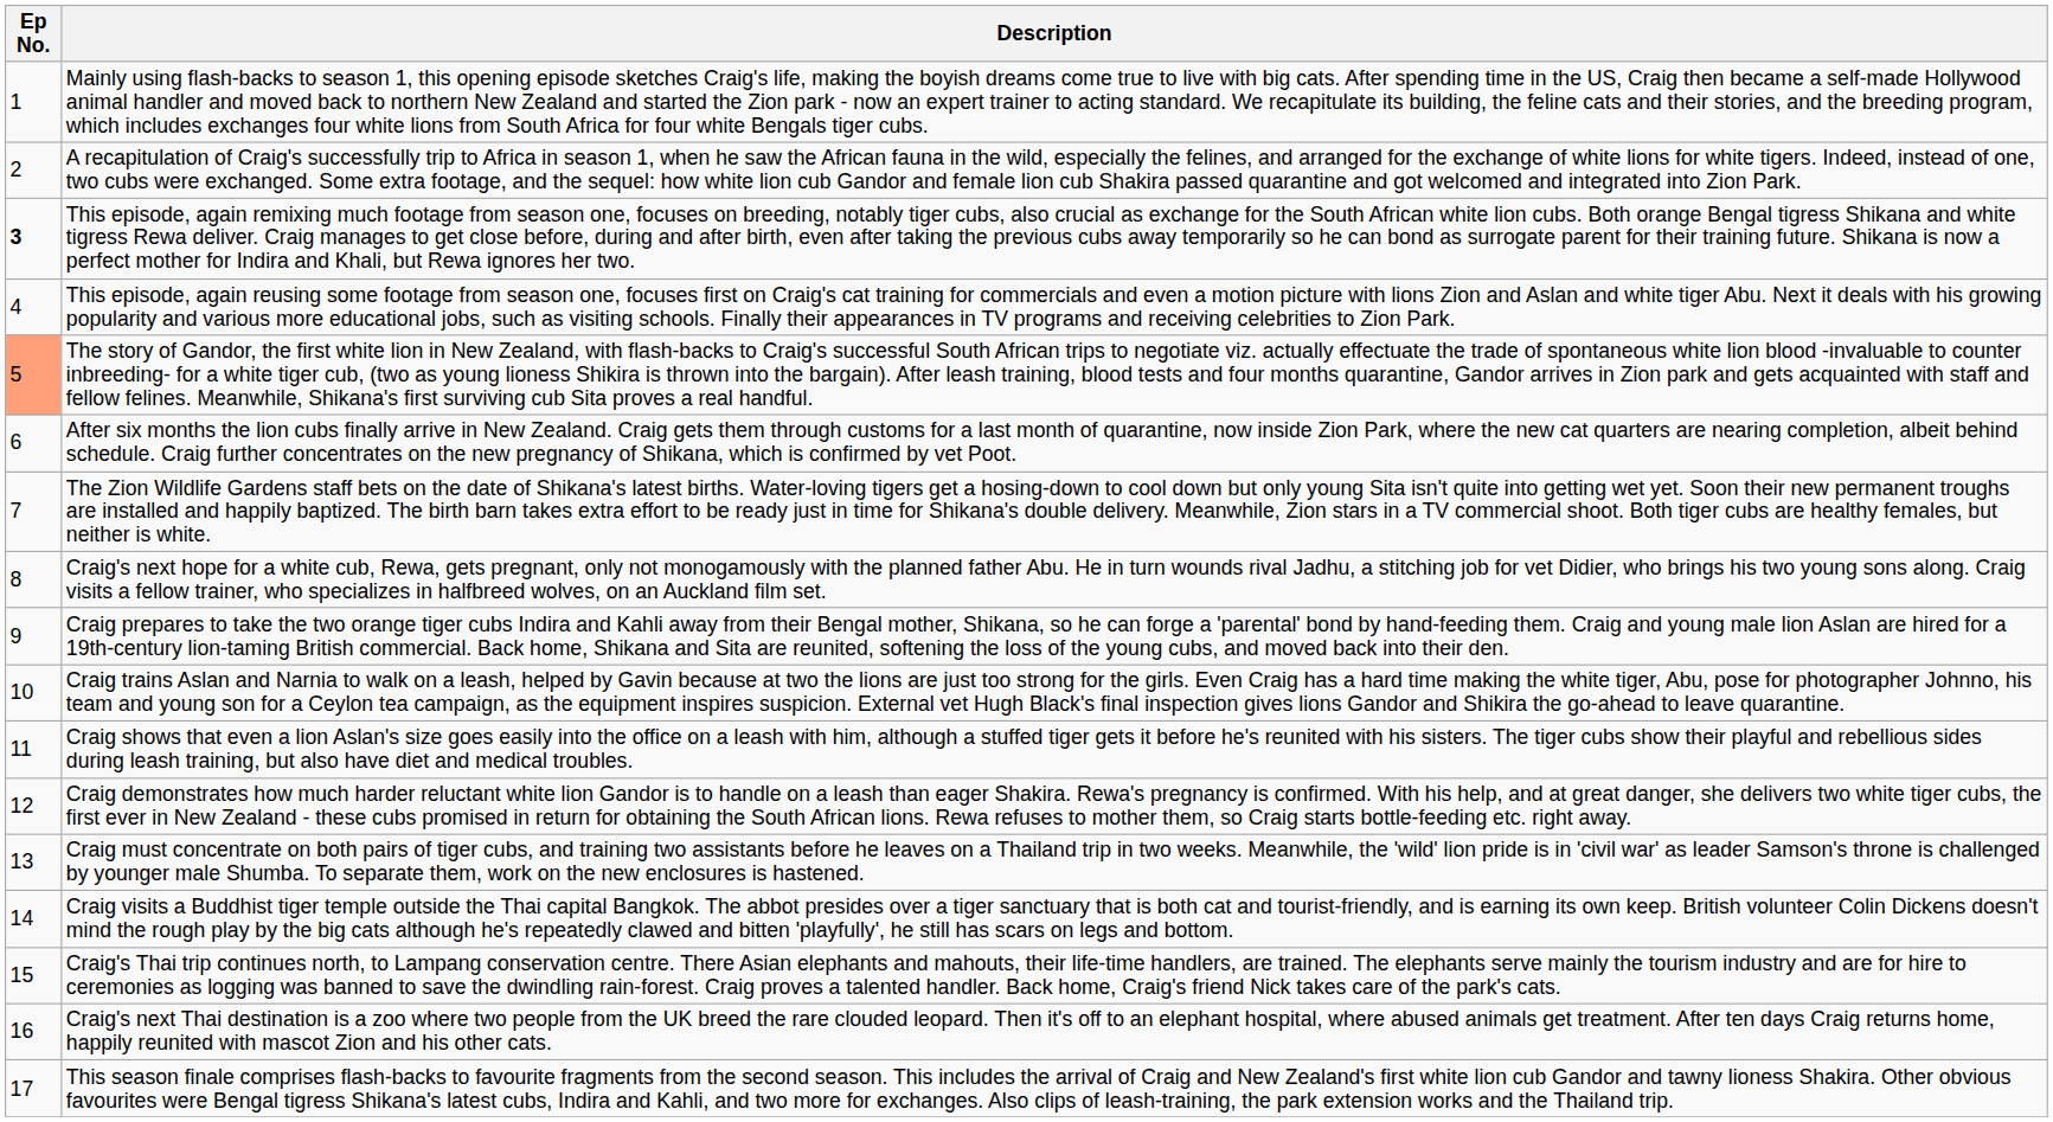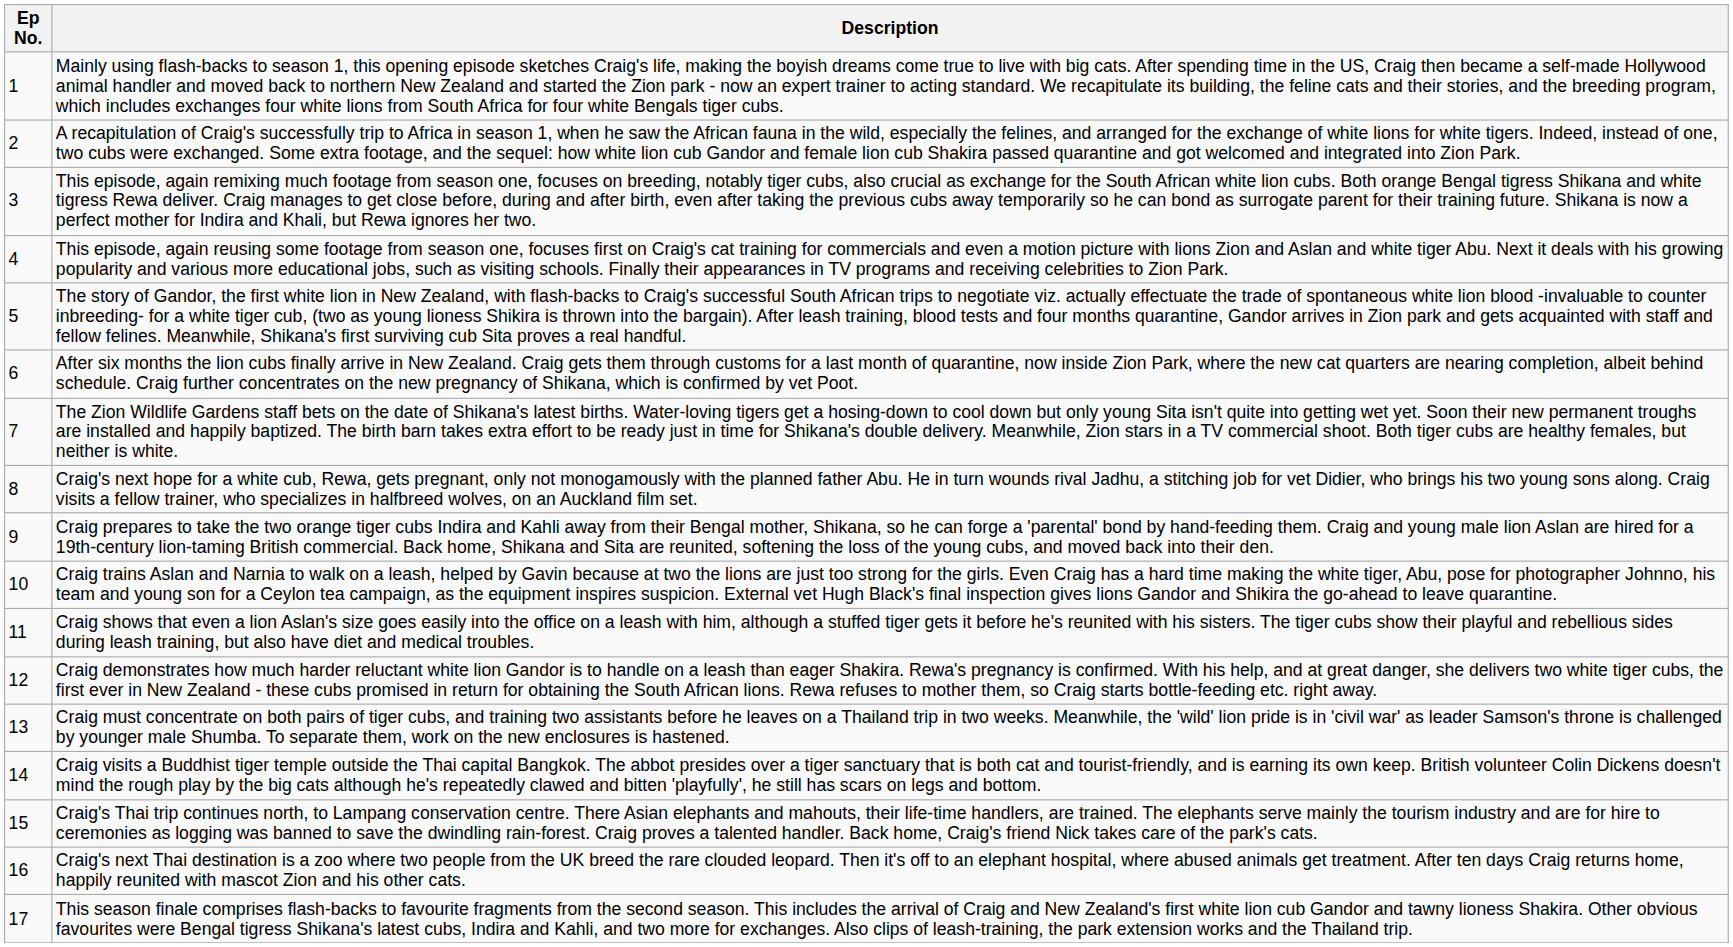 <table class="wikitable">
 <tr>
 <th>Ep No.</th>
 <th>Description</th>
 </tr>
 <tr>
 <td>1</td>
 <td>Mainly using flash-backs to season 1, this opening episode sketches Craig's life, making the boyish dreams come true to live with big cats. After spending time in the US, Craig then became a self-made Hollywood animal handler and moved back to northern New Zealand and started the Zion park - now an expert trainer to acting standard. We recapitulate its building, the feline cats and their stories, and the breeding program, which includes exchanges four white lions from South Africa for four white Bengals tiger cubs.</td>
 </tr>
 <tr>
 <td>2</td>
 <td>A recapitulation of Craig's successfully trip to Africa in season 1, when he saw the African fauna in the wild, especially the felines, and arranged for the exchange of white lions for white tigers. Indeed, instead of one, two cubs were exchanged. Some extra footage, and the sequel: how white lion cub Gandor and female lion cub Shakira passed quarantine and got welcomed and integrated into Zion Park.</td>
 </tr>
 <tr>
-<td><strong>3</strong></td>
+<td>3</td>
 <td>This episode, again remixing much footage from season one, focuses on breeding, notably tiger cubs, also crucial as exchange for the South African white lion cubs. Both orange Bengal tigress Shikana and white tigress Rewa deliver. Craig manages to get close before, during and after birth, even after taking the previous cubs away temporarily so he can bond as surrogate parent for their training future. Shikana is now a perfect mother for Indira and Khali, but Rewa ignores her two.</td>
 </tr>
 <tr>
 <td>4</td>
 <td>This episode, again reusing some footage from season one, focuses first on Craig's cat training for commercials and even a motion picture with lions Zion and Aslan and white tiger Abu. Next it deals with his growing popularity and various more educational jobs, such as visiting schools. Finally their appearances in TV programs and receiving celebrities to Zion Park.</td>
 </tr>
 <tr>
-<td style="background: lightsalmon;">5</td>
+<td>5</td>
 <td>The story of Gandor, the first white lion in New Zealand, with flash-backs to Craig's successful South African trips to negotiate viz. actually effectuate the trade of spontaneous white lion blood -invaluable to counter inbreeding- for a white tiger cub, (two as young lioness Shikira is thrown into the bargain). After leash training, blood tests and four months quarantine, Gandor arrives in Zion park and gets acquainted with staff and fellow felines. Meanwhile, Shikana's first surviving cub Sita proves a real handful.</td>
 </tr>
 <tr>
 <td>6</td>
 <td>After six months the lion cubs finally arrive in New Zealand. Craig gets them through customs for a last month of quarantine, now inside Zion Park, where the new cat quarters are nearing completion, albeit behind schedule. Craig further concentrates on the new pregnancy of Shikana, which is confirmed by vet Poot.</td>
 </tr>
 <tr>
 <td>7</td>
 <td>The Zion Wildlife Gardens staff bets on the date of Shikana's latest births. Water-loving tigers get a hosing-down to cool down but only young Sita isn't quite into getting wet yet. Soon their new permanent troughs are installed and happily baptized. The birth barn takes extra effort to be ready just in time for Shikana's double delivery. Meanwhile, Zion stars in a TV commercial shoot. Both tiger cubs are healthy females, but neither is white.</td>
 </tr>
 <tr>
 <td>8</td>
 <td>Craig's next hope for a white cub, Rewa, gets pregnant, only not monogamously with the planned father Abu. He in turn wounds rival Jadhu, a stitching job for vet Didier, who brings his two young sons along. Craig visits a fellow trainer, who specializes in halfbreed wolves, on an Auckland film set.</td>
 </tr>
 <tr>
 <td>9</td>
 <td>Craig prepares to take the two orange tiger cubs Indira and Kahli away from their Bengal mother, Shikana, so he can forge a 'parental' bond by hand-feeding them. Craig and young male lion Aslan are hired for a 19th-century lion-taming British commercial. Back home, Shikana and Sita are reunited, softening the loss of the young cubs, and moved back into their den.</td>
 </tr>
 <tr>
 <td>10</td>
 <td>Craig trains Aslan and Narnia to walk on a leash, helped by Gavin because at two the lions are just too strong for the girls. Even Craig has a hard time making the white tiger, Abu, pose for photographer Johnno, his team and young son for a Ceylon tea campaign, as the equipment inspires suspicion. External vet Hugh Black's final inspection gives lions Gandor and Shikira the go-ahead to leave quarantine.</td>
 </tr>
 <tr>
 <td>11</td>
 <td>Craig shows that even a lion Aslan's size goes easily into the office on a leash with him, although a stuffed tiger gets it before he's reunited with his sisters. The tiger cubs show their playful and rebellious sides during leash training, but also have diet and medical troubles.</td>
 </tr>
 <tr>
 <td>12</td>
 <td>Craig demonstrates how much harder reluctant white lion Gandor is to handle on a leash than eager Shakira. Rewa's pregnancy is confirmed. With his help, and at great danger, she delivers two white tiger cubs, the first ever in New Zealand - these cubs promised in return for obtaining the South African lions. Rewa refuses to mother them, so Craig starts bottle-feeding etc. right away.</td>
 </tr>
 <tr>
 <td>13</td>
 <td>Craig must concentrate on both pairs of tiger cubs, and training two assistants before he leaves on a Thailand trip in two weeks. Meanwhile, the 'wild' lion pride is in 'civil war' as leader Samson's throne is challenged by younger male Shumba. To separate them, work on the new enclosures is hastened.</td>
 </tr>
 <tr>
 <td>14</td>
 <td>Craig visits a Buddhist tiger temple outside the Thai capital Bangkok. The abbot presides over a tiger sanctuary that is both cat and tourist-friendly, and is earning its own keep. British volunteer Colin Dickens doesn't mind the rough play by the big cats although he's repeatedly clawed and bitten 'playfully', he still has scars on legs and bottom.</td>
 </tr>
 <tr>
 <td>15</td>
 <td>Craig's Thai trip continues north, to Lampang conservation centre. There Asian elephants and mahouts, their life-time handlers, are trained. The elephants serve mainly the tourism industry and are for hire to ceremonies as logging was banned to save the dwindling rain-forest. Craig proves a talented handler. Back home, Craig's friend Nick takes care of the park's cats.</td>
 </tr>
 <tr>
 <td>16</td>
 <td>Craig's next Thai destination is a zoo where two people from the UK breed the rare clouded leopard. Then it's off to an elephant hospital, where abused animals get treatment. After ten days Craig returns home, happily reunited with mascot Zion and his other cats.</td>
 </tr>
 <tr>
 <td>17</td>
 <td>This season finale comprises flash-backs to favourite fragments from the second season. This includes the arrival of Craig and New Zealand's first white lion cub Gandor and tawny lioness Shakira. Other obvious favourites were Bengal tigress Shikana's latest cubs, Indira and Kahli, and two more for exchanges. Also clips of leash-training, the park extension works and the Thailand trip.</td>
 </tr>
 </table>
